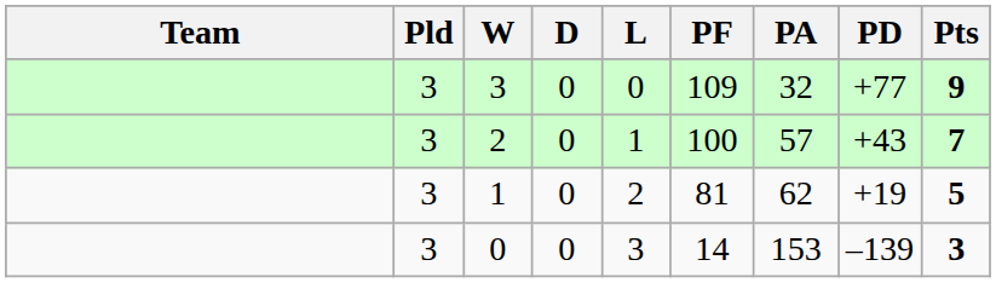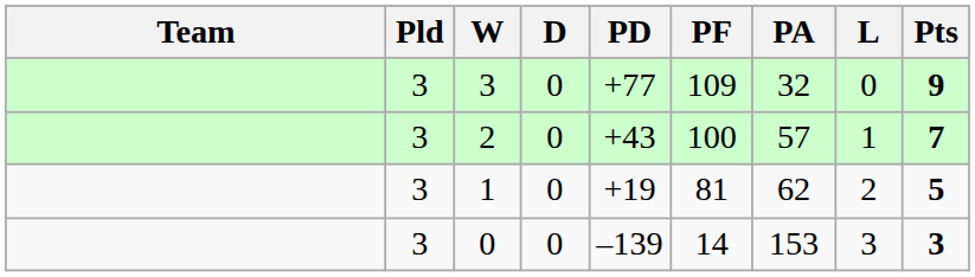 <table class="wikitable" style="text-align:center;">
 <tr>
 <th width=175>Team</th>
 <th width=25 abbr="Played">Pld</th>
 <th width=25 abbr="Won">W</th>
 <th width=25 abbr="Drawn">D</th>
-<th width=25 abbr="Lost">L</th>
+<th width=32 abbr="Points difference">PD</th>
 <th width=32 abbr="Points for">PF</th>
 <th width=32 abbr="Points against">PA</th>
-<th width=32 abbr="Points difference">PD</th>
+<th width=25 abbr="Lost">L</th>
 <th width=25 abbr="Points">Pts</th>
 </tr>
 <tr bgcolor=ccffcc>
 <td align=left></td>
 <td>3</td>
 <td>3</td>
 <td>0</td>
-<td>0</td>
+<td>+77</td>
 <td>109</td>
 <td>32</td>
-<td>+77</td>
+<td>0</td>
 <td><strong>9</strong></td>
 </tr>
 <tr bgcolor=ccffcc>
 <td align=left></td>
 <td>3</td>
 <td>2</td>
 <td>0</td>
-<td>1</td>
+<td>+43</td>
 <td>100</td>
 <td>57</td>
-<td>+43</td>
+<td>1</td>
 <td><strong>7</strong></td>
 </tr>
 <tr>
 <td align=left></td>
 <td>3</td>
 <td>1</td>
 <td>0</td>
-<td>2</td>
+<td>+19</td>
 <td>81</td>
 <td>62</td>
-<td>+19</td>
+<td>2</td>
 <td><strong>5</strong></td>
 </tr>
 <tr>
 <td align=left></td>
 <td>3</td>
 <td>0</td>
 <td>0</td>
-<td>3</td>
+<td>–139</td>
 <td>14</td>
 <td>153</td>
-<td>–139</td>
+<td>3</td>
 <td><strong>3</strong></td>
 </tr>
 </table>
